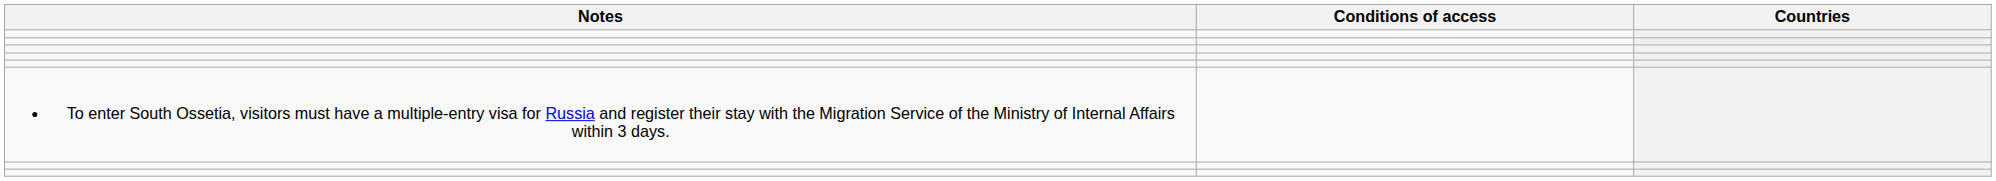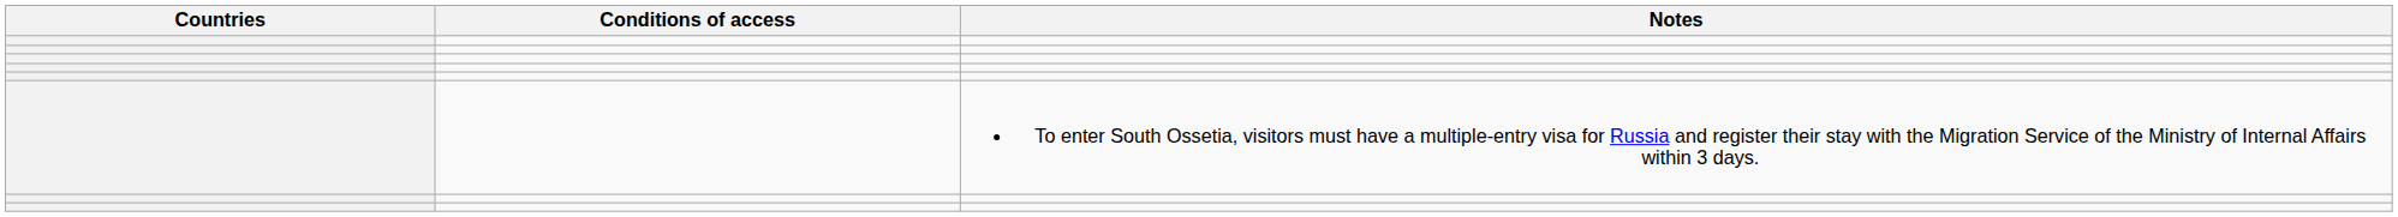 <table class="wikitable" style="text-align: center; table-layout: fixed;">
 <tr>
+<th style="width:18%;">Countries</th>
+<th style="width:22%;">Conditions of access</th>
 <th>Notes</th>
-<th style="width:22%;">Conditions of access</th>
-<th style="width:18%;">Countries</th>
 </tr>
 <tr>
+<th style="text-align: left;"></th>
 <td></td>
 <td></td>
-<th style="text-align: left;"></th>
 </tr>
 <tr>
+<th style="text-align: left;"></th>
 <td></td>
 <td></td>
-<th style="text-align: left;"></th>
 </tr>
 <tr>
+<th style="text-align: left;"></th>
 <td></td>
 <td></td>
-<th style="text-align: left;"></th>
 </tr>
 <tr>
+<th style="text-align: left;"></th>
 <td></td>
 <td></td>
-<th style="text-align: left;"></th>
 </tr>
 <tr>
+<th style="text-align: left;"></th>
 <td></td>
 <td></td>
-<th style="text-align: left;"></th>
 </tr>
 <tr>
+<th style="text-align: left;"></th>
+<td></td>
 <td><br><ul><li>To enter South Ossetia, visitors must have a multiple-entry visa for <a href='#'>Russia</a> and register their stay with the Migration Service of the Ministry of Internal Affairs within 3 days.</li></ul></td>
-<td></td>
-<th style="text-align: left;"></th>
 </tr>
 <tr>
+<th style="text-align: left;"></th>
 <td></td>
 <td></td>
-<th style="text-align: left;"></th>
 </tr>
 <tr>
+<th style="text-align: left;"></th>
 <td></td>
 <td></td>
-<th style="text-align: left;"></th>
 </tr>
 </table>
